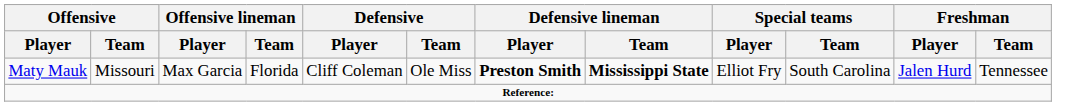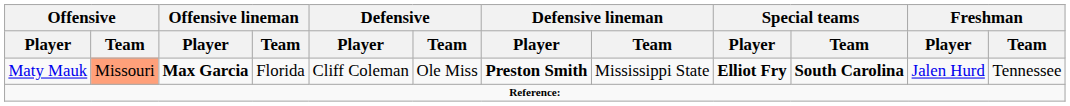 <table class="wikitable" border="1">
 <tr>
 <th colspan="2">Offensive</th>
 <th colspan="2">Offensive lineman</th>
 <th colspan="2">Defensive</th>
 <th colspan="2">Defensive lineman</th>
 <th colspan="2">Special teams</th>
 <th colspan="2">Freshman</th>
 </tr>
 <tr>
 <th>Player</th>
 <th>Team</th>
 <th>Player</th>
 <th>Team</th>
 <th>Player</th>
 <th>Team</th>
 <th>Player</th>
 <th>Team</th>
 <th>Player</th>
 <th>Team</th>
 <th>Player</th>
 <th>Team</th>
 </tr>
 <tr>
 <td><a href='#'>Maty Mauk</a></td>
-<td>Missouri</td>
-<td>Max Garcia</td>
+<td style="background: lightsalmon;">Missouri</td>
+<td><strong>Max Garcia</strong></td>
 <td>Florida</td>
 <td>Cliff Coleman</td>
 <td>Ole Miss</td>
 <td><strong>Preston Smith</strong></td>
-<td><strong>Mississippi State</strong></td>
-<td>Elliot Fry</td>
-<td>South Carolina</td>
+<td>Mississippi State</td>
+<td><strong>Elliot Fry</strong></td>
+<td><strong>South Carolina</strong></td>
 <td><a href='#'>Jalen Hurd</a></td>
 <td>Tennessee</td>
 </tr>
 <tr>
 <td colspan="12" style="font-size: 8pt" align="center"><strong>Reference:</strong></td>
 </tr>
 </table>
